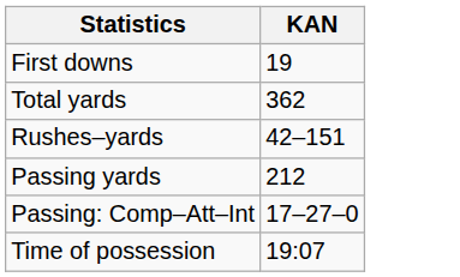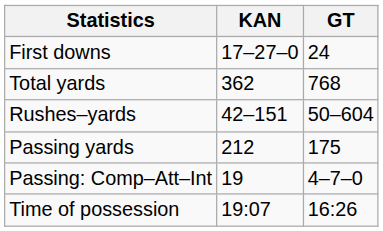 <table class="wikitable" style="float: left;">
 <tr>
 <th>Statistics</th>
 <th>KAN</th>
+<th>GT</th>
 </tr>
 <tr>
 <td>First downs</td>
-<td>19</td>
+<td>17–27–0</td>
+<td>24</td>
 </tr>
 <tr>
 <td>Total yards</td>
 <td>362</td>
+<td>768</td>
 </tr>
 <tr>
 <td>Rushes–yards</td>
 <td>42–151</td>
+<td>50–604</td>
 </tr>
 <tr>
 <td>Passing yards</td>
 <td>212</td>
+<td>175</td>
 </tr>
 <tr>
 <td>Passing: Comp–Att–Int</td>
-<td>17–27–0</td>
+<td>19</td>
+<td>4–7–0</td>
 </tr>
 <tr>
 <td>Time of possession</td>
 <td>19:07</td>
+<td>16:26</td>
 </tr>
 </table>
